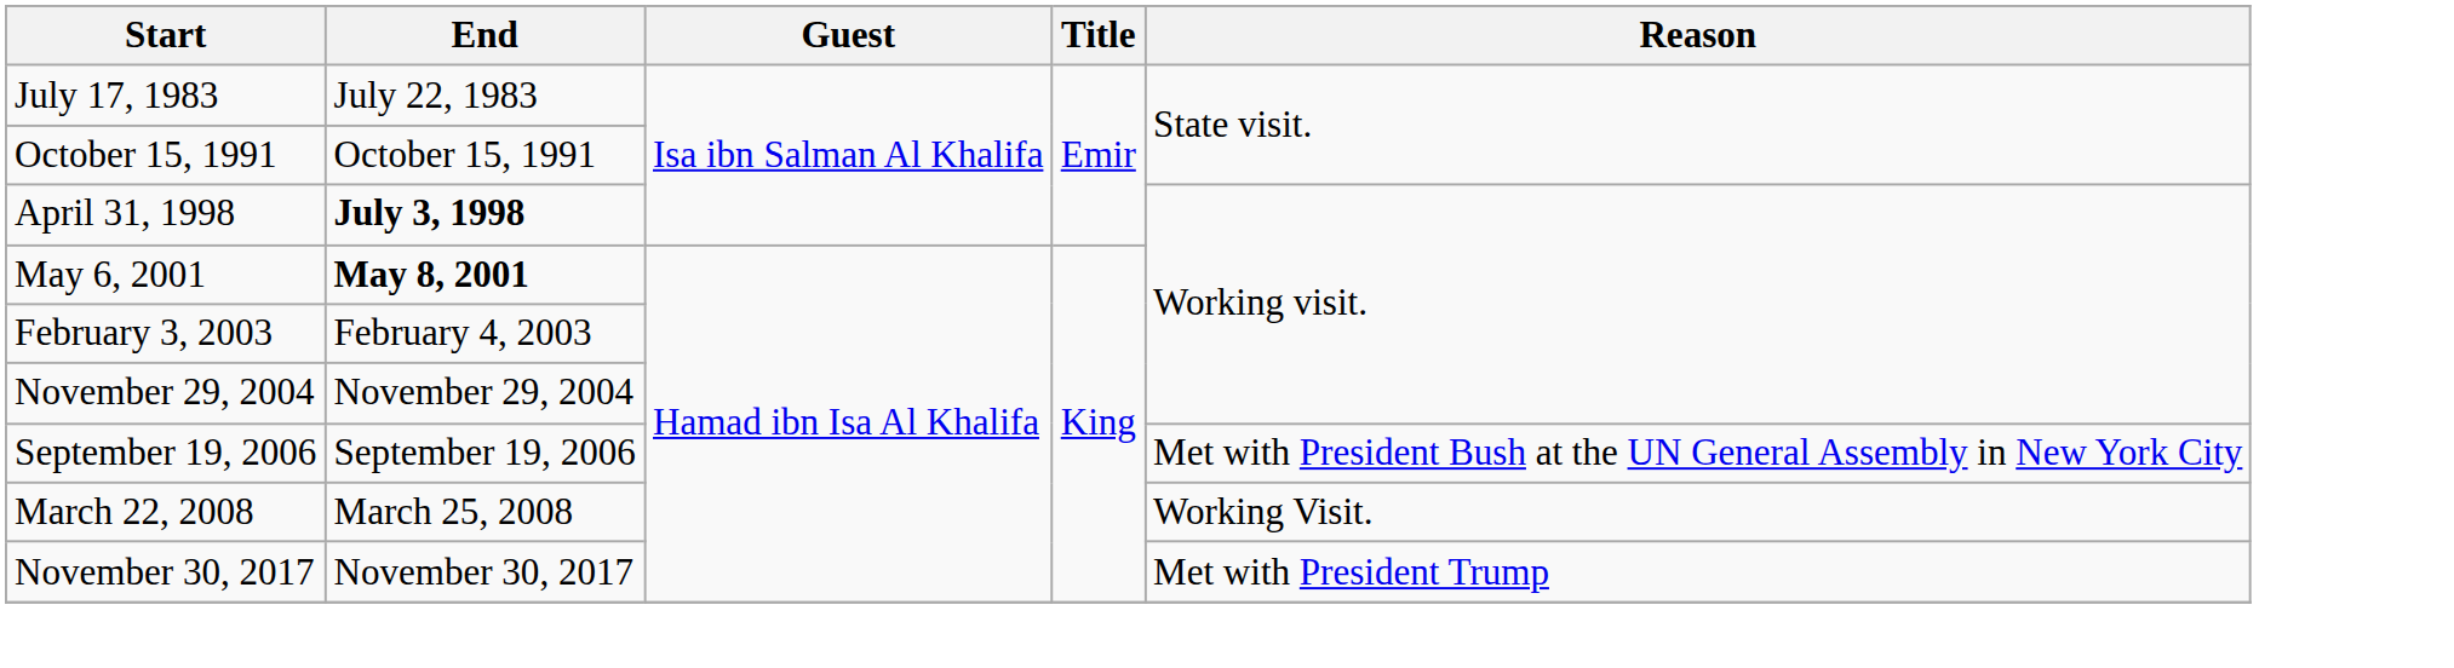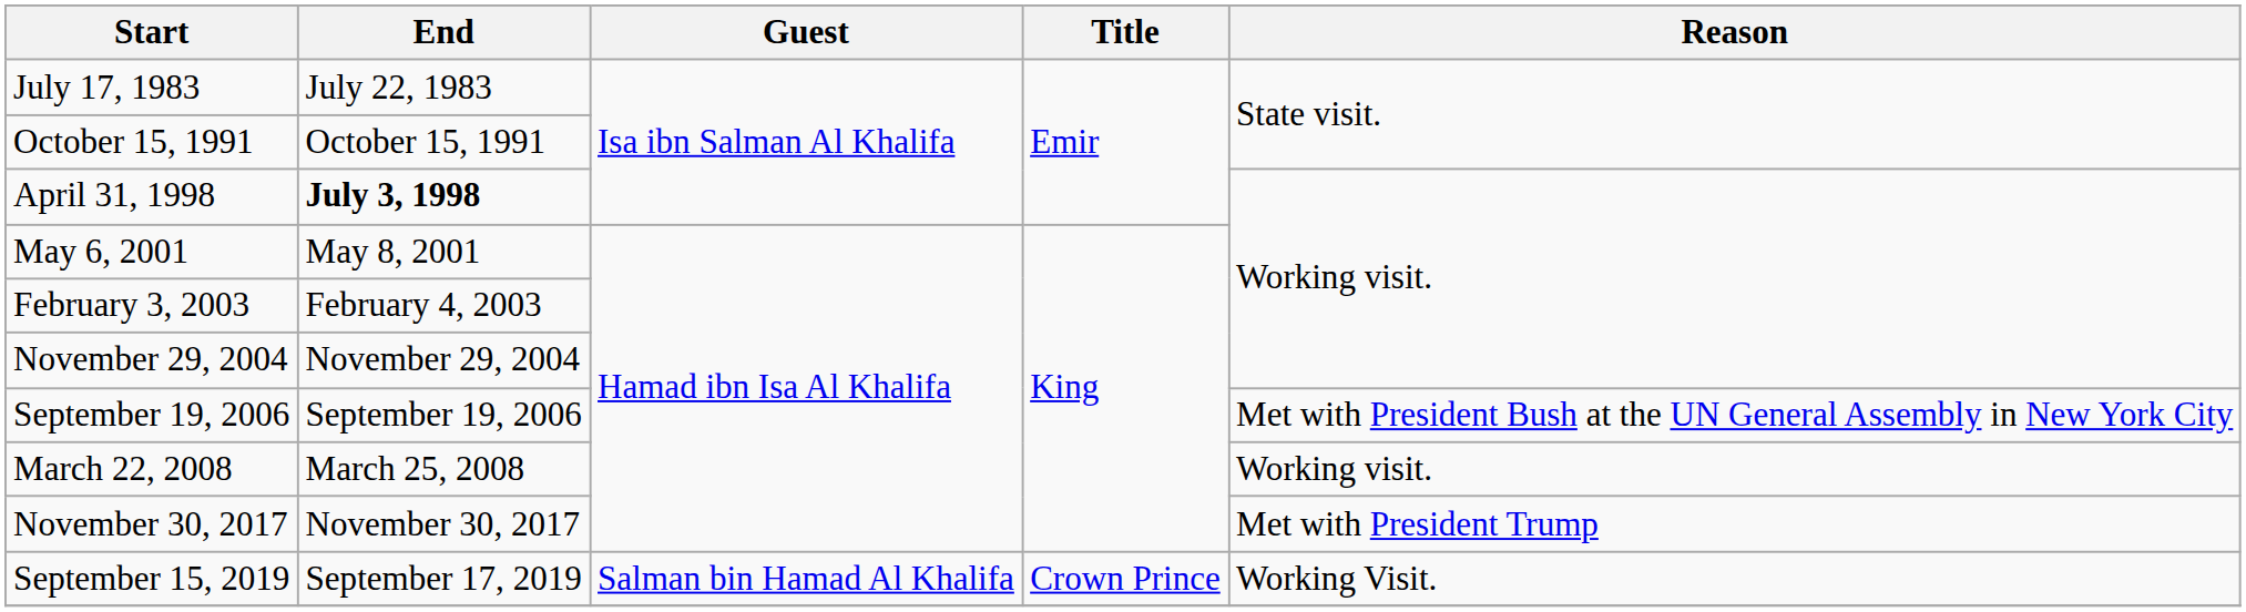 <table class="wikitable sortable">
 <tr>
 <th>Start</th>
 <th>End</th>
 <th>Guest</th>
 <th>Title</th>
 <th>Reason</th>
 </tr>
 <tr>
 <td>July 17, 1983</td>
 <td>July 22, 1983</td>
 <td rowspan=3><a href='#'>Isa ibn Salman Al Khalifa</a></td>
 <td rowspan=3><a href='#'>Emir</a></td>
 <td rowspan=2>State visit.</td>
 </tr>
 <tr>
 <td>October 15, 1991</td>
 <td>October 15, 1991</td>
 </tr>
 <tr>
 <td>April 31, 1998</td>
 <td><strong>July 3, 1998</strong></td>
 <td rowspan=4>Working visit.</td>
 </tr>
 <tr>
 <td>May 6, 2001</td>
-<td><strong>May 8, 2001</strong></td>
+<td>May 8, 2001</td>
 <td rowspan=6><a href='#'>Hamad ibn Isa Al Khalifa</a></td>
 <td rowspan=6><a href='#'>King</a></td>
 </tr>
 <tr>
 <td>February 3, 2003</td>
 <td>February 4, 2003</td>
 </tr>
 <tr>
 <td>November 29, 2004</td>
 <td>November 29, 2004</td>
 </tr>
 <tr>
 <td>September 19, 2006</td>
 <td>September 19, 2006</td>
 <td>Met with <a href='#'>President Bush</a> at the <a href='#'>UN General Assembly</a> in <a href='#'>New York City</a></td>
 </tr>
 <tr>
 <td>March 22, 2008</td>
 <td>March 25, 2008</td>
-<td>Working Visit.</td>
+<td>Working visit.</td>
 </tr>
 <tr>
 <td>November 30, 2017</td>
 <td>November 30, 2017</td>
 <td Working visit. Met with>Met with <a href='#'>President Trump</a></td>
 </tr>
 <tr>
+<td>September 15, 2019</td>
+<td>September 17, 2019</td>
+<td><a href='#'>Salman bin Hamad Al Khalifa</a></td>
+<td><a href='#'>Crown Prince</a></td>
+<td>Working Visit.</td>
+</tr>
+<tr>
 </tr>
 </table>
